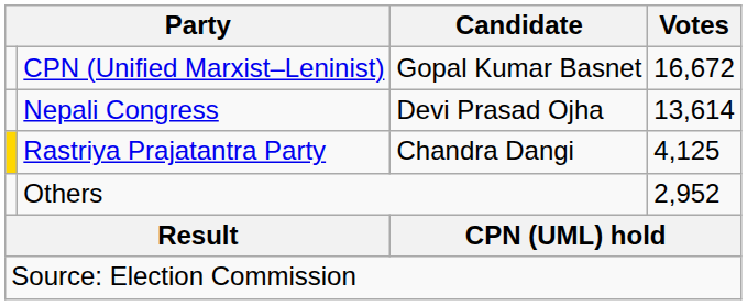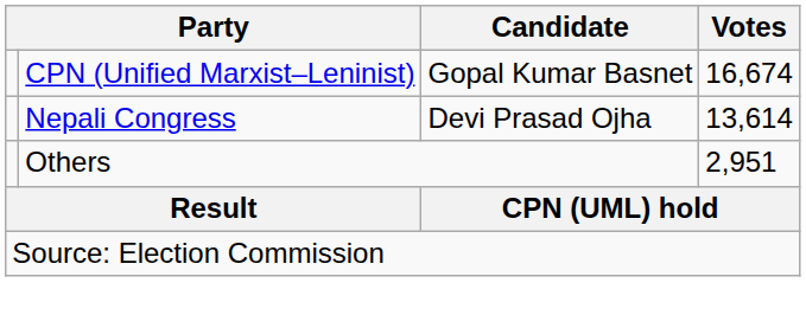 <table class="wikitable">
 <tr>
 <th colspan="2">Party</th>
 <th>Candidate</th>
 <th>Votes</th>
 </tr>
 <tr>
 <td style="background-color:"></td>
 <td><a href='#'>CPN (Unified Marxist–Leninist)</a></td>
 <td>Gopal Kumar Basnet</td>
-<td>16,672</td>
+<td>16,674</td>
 </tr>
 <tr>
 <td style="background-color:"></td>
 <td><a href='#'>Nepali Congress</a></td>
 <td>Devi Prasad Ojha</td>
 <td>13,614</td>
 </tr>
 <tr>
-<td style="background-color:gold"></td>
-<td><a href='#'>Rastriya Prajatantra Party</a></td>
-<td>Chandra Dangi</td>
-<td>4,125</td>
-</tr>
-<tr>
 <td></td>
 <td colspan="2">Others</td>
-<td>2,952</td>
+<td>2,951</td>
 </tr>
 <tr>
 <th colspan="2">Result</th>
 <th colspan="2">CPN (UML) hold</th>
 </tr>
 <tr>
 <td colspan="4">Source: Election Commission</td>
 </tr>
 </table>
